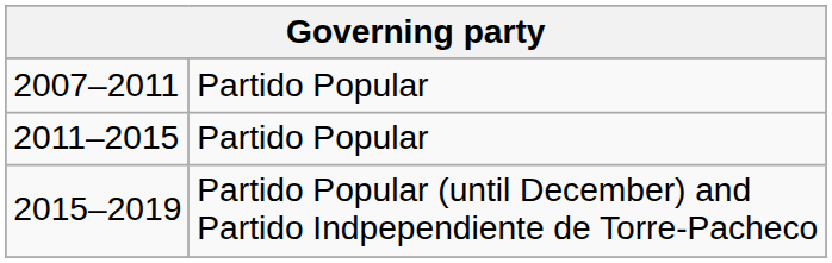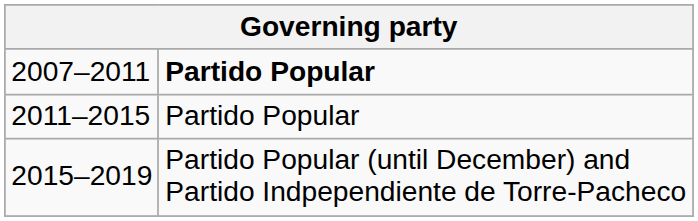 <table class="wikitable">
 <tr>
 <th colspan="2">Governing party</th>
 </tr>
 <tr>
 <td>2007–2011</td>
-<td>Partido Popular</td>
+<td><strong>Partido Popular</strong></td>
 </tr>
 <tr>
 <td>2011–2015</td>
 <td>Partido Popular</td>
 </tr>
 <tr>
 <td>2015–2019</td>
 <td>Partido Popular (until December) and<br>Partido Indpependiente de Torre-Pacheco</td>
 </tr>
 </table>
